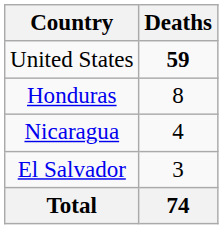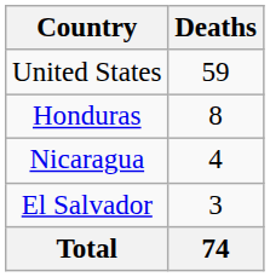 <table class="wikitable floatright">
 <tr style="text-align:center;">
 <th scope="col">Country</th>
 <th scope="col">Deaths</th>
 </tr>
 <tr style="text-align:center;">
 <td>United States</td>
-<td><strong>59</strong></td>
+<td>59</td>
 </tr>
 <tr style="text-align:center;">
 <td><a href='#'>Honduras</a></td>
 <td>8</td>
 </tr>
 <tr style="text-align:center;">
 <td><a href='#'>Nicaragua</a></td>
 <td>4</td>
 </tr>
 <tr style="text-align:center;">
 <td><a href='#'>El Salvador</a></td>
 <td>3</td>
 </tr>
 <tr style="text-align:center;">
 <th>Total</th>
 <th>74</th>
 </tr>
 </table>
